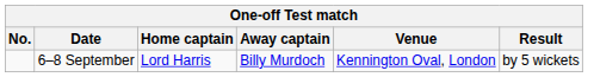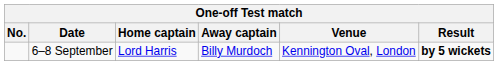 <table class="wikitable">
 <tr>
 <th colspan="9">One-off Test match</th>
 </tr>
 <tr>
 <th>No.</th>
 <th>Date</th>
 <th>Home captain</th>
 <th>Away captain</th>
 <th>Venue</th>
 <th>Result</th>
 </tr>
 <tr>
 <td></td>
 <td>6–8 September</td>
 <td><a href='#'>Lord Harris</a></td>
 <td><a href='#'>Billy Murdoch</a></td>
 <td><a href='#'>Kennington Oval</a>, <a href='#'>London</a></td>
-<td> by 5 wickets</td>
+<td><strong> by 5 wickets</strong></td>
 </tr>
 </table>
